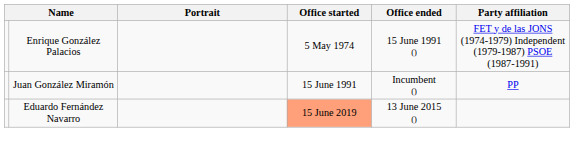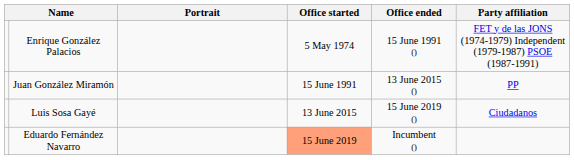 <table style="text-align:center; width:100%" class="wikitable">
 <tr>
 <th colspan=2 width=20%>Name</th>
 <th width=105px>Portrait</th>
 <th width=15%>Office started</th>
 <th width=15%>Office ended</th>
 <th width=20%>Party affiliation</th>
 </tr>
 <tr>
 <td></td>
 <td>Enrique González Palacios</td>
 <td></td>
 <td>5 May 1974</td>
 <td>15 June 1991<br><small>()</small></td>
 <td><a href='#'>FET y de las JONS</a> (1974-1979) Independent (1979-1987) <a href='#'>PSOE</a> (1987-1991)</td>
 </tr>
 <tr>
 <td></td>
 <td>Juan González Miramón</td>
 <td></td>
 <td>15 June 1991</td>
-<td>Incumbent<br><small>()</small></td>
+<td>13 June 2015<br><small>()</small></td>
 <td><a href='#'>PP</a> </td>
+</tr>
+<tr>
+<td></td>
+<td>Luis Sosa Gayé</td>
+<td></td>
+<td>13 June 2015</td>
+<td>15 June 2019<br><small>()</small></td>
+<td><a href='#'>Ciudadanos</a> </td>
 </tr>
 <tr>
 <td></td>
 <td>Eduardo Fernández Navarro</td>
 <td></td>
 <td style="background: lightsalmon;">15 June 2019</td>
-<td>13 June 2015<br><small>()</small></td>
+<td>Incumbent<br><small>()</small></td>
 <td> </td>
 </tr>
 </table>
